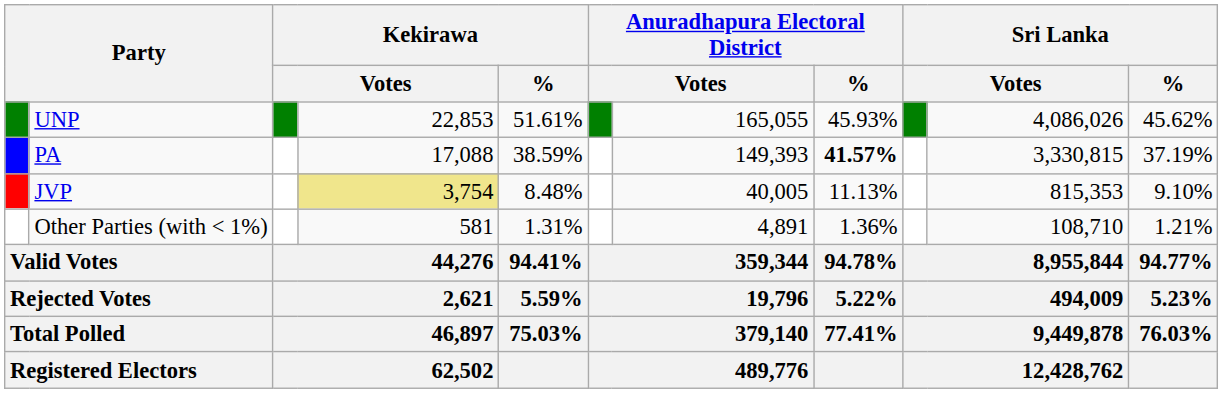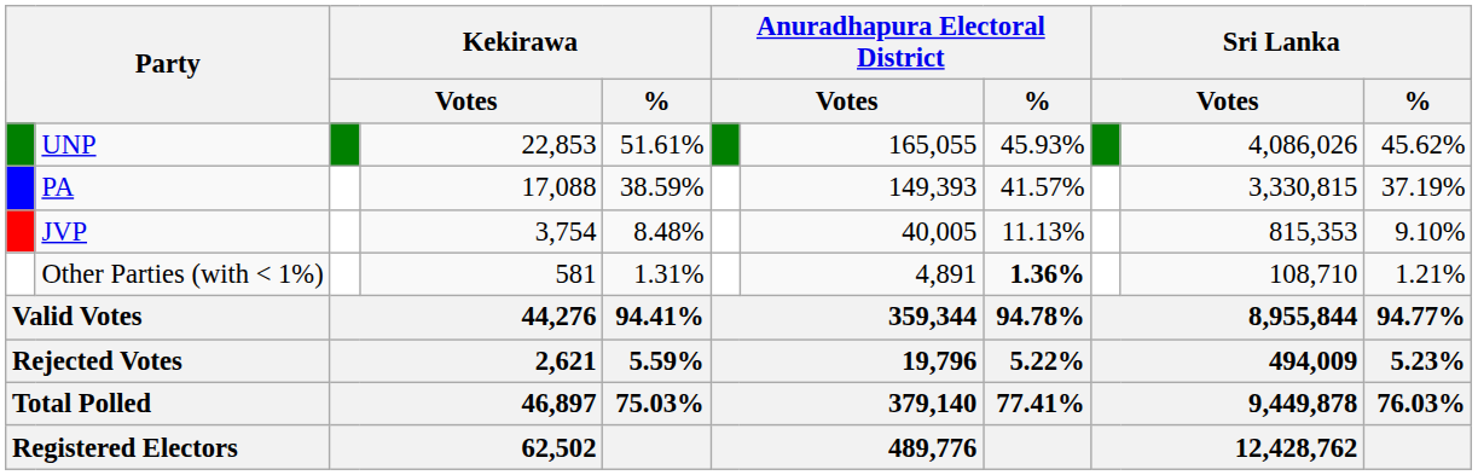 <table class="wikitable">
 <tr>
 <th colspan="2" width="144px"rowspan="2">Party</th>
 <th colspan="3" width="216px">Kekirawa</th>
 <th colspan="3" width="216px"><a href='#'>Anuradhapura Electoral District</a></th>
 <th colspan="3" width="216px">Sri Lanka</th>
 </tr>
 <tr>
 <th colspan="2" width="144px">Votes</th>
 <th>%</th>
 <th colspan="2" width="144px">Votes</th>
 <th>%</th>
 <th colspan="2" width="144px">Votes</th>
 <th>%</th>
 </tr>
 <tr>
 <td style="background-color:green;" width="10px"></td>
 <td style="text-align:left;"><a href='#'>UNP</a></td>
 <td style="background-color:green;" width="10px"></td>
 <td style="text-align:right;">22,853</td>
 <td style="text-align:right;">51.61%</td>
 <td style="background-color:green;" width="10px"></td>
 <td style="text-align:right;">165,055</td>
 <td style="text-align:right;">45.93%</td>
 <td style="background-color:green;" width="10px"></td>
 <td style="text-align:right;">4,086,026</td>
 <td style="text-align:right;">45.62%</td>
 </tr>
 <tr>
 <td style="background-color:blue;" width="10px"></td>
 <td style="text-align:left;"><a href='#'>PA</a></td>
 <td style="background-color:white;" width="10px"></td>
 <td style="text-align:right;">17,088</td>
 <td style="text-align:right;">38.59%</td>
 <td style="background-color:white;" width="10px"></td>
 <td style="text-align:right;">149,393</td>
-<td style="text-align:right;"><strong>41.57%</strong></td>
+<td style="text-align:right;">41.57%</td>
 <td style="background-color:white;" width="10px"></td>
 <td style="text-align:right;">3,330,815</td>
 <td style="text-align:right;">37.19%</td>
 </tr>
 <tr>
 <td style="background-color:red;" width="10px"></td>
 <td style="text-align:left;"><a href='#'>JVP</a></td>
 <td style="background-color:white;" width="10px"></td>
-<td style="background: khaki; text-align:right;">3,754</td>
+<td style="text-align:right;">3,754</td>
 <td style="text-align:right;">8.48%</td>
 <td style="background-color:white;" width="10px"></td>
 <td style="text-align:right;">40,005</td>
 <td style="text-align:right;">11.13%</td>
 <td style="background-color:white;" width="10px"></td>
 <td style="text-align:right;">815,353</td>
 <td style="text-align:right;">9.10%</td>
 </tr>
 <tr>
 <td style="background-color:white;" width="10px"></td>
 <td style="text-align:left;">Other Parties (with < 1%)</td>
 <td style="background-color:white;" width="10px"></td>
 <td style="text-align:right;">581</td>
 <td style="text-align:right;">1.31%</td>
 <td style="background-color:white;" width="10px"></td>
 <td style="text-align:right;">4,891</td>
-<td style="text-align:right;">1.36%</td>
+<td style="text-align:right;"><strong>1.36%</strong></td>
 <td style="background-color:white;" width="10px"></td>
 <td style="text-align:right;">108,710</td>
 <td style="text-align:right;">1.21%</td>
 </tr>
 <tr>
 <th colspan="2" width="144px"style="text-align:left;">Valid Votes</th>
 <th style="text-align:right;"colspan="2" width="144px">44,276</th>
 <th style="text-align:right;">94.41%</th>
 <th style="text-align:right;"colspan="2" width="144px">359,344</th>
 <th style="text-align:right;">94.78%</th>
 <th style="text-align:right;"colspan="2" width="144px">8,955,844</th>
 <th style="text-align:right;">94.77%</th>
 </tr>
 <tr>
 <th colspan="2" width="144px"style="text-align:left;">Rejected Votes</th>
 <th style="text-align:right;"colspan="2" width="144px">2,621</th>
 <th style="text-align:right;">5.59%</th>
 <th style="text-align:right;"colspan="2" width="144px">19,796</th>
 <th style="text-align:right;">5.22%</th>
 <th style="text-align:right;"colspan="2" width="144px">494,009</th>
 <th style="text-align:right;">5.23%</th>
 </tr>
 <tr>
 <th colspan="2" width="144px"style="text-align:left;">Total Polled</th>
 <th style="text-align:right;"colspan="2" width="144px">46,897</th>
 <th style="text-align:right;">75.03%</th>
 <th style="text-align:right;"colspan="2" width="144px">379,140</th>
 <th style="text-align:right;">77.41%</th>
 <th style="text-align:right;"colspan="2" width="144px">9,449,878</th>
 <th style="text-align:right;">76.03%</th>
 </tr>
 <tr>
 <th colspan="2" width="144px"style="text-align:left;">Registered Electors</th>
 <th style="text-align:right;"colspan="2" width="144px">62,502</th>
 <th></th>
 <th style="text-align:right;"colspan="2" width="144px">489,776</th>
 <th></th>
 <th style="text-align:right;"colspan="2" width="144px">12,428,762</th>
 <th></th>
 </tr>
 </table>
